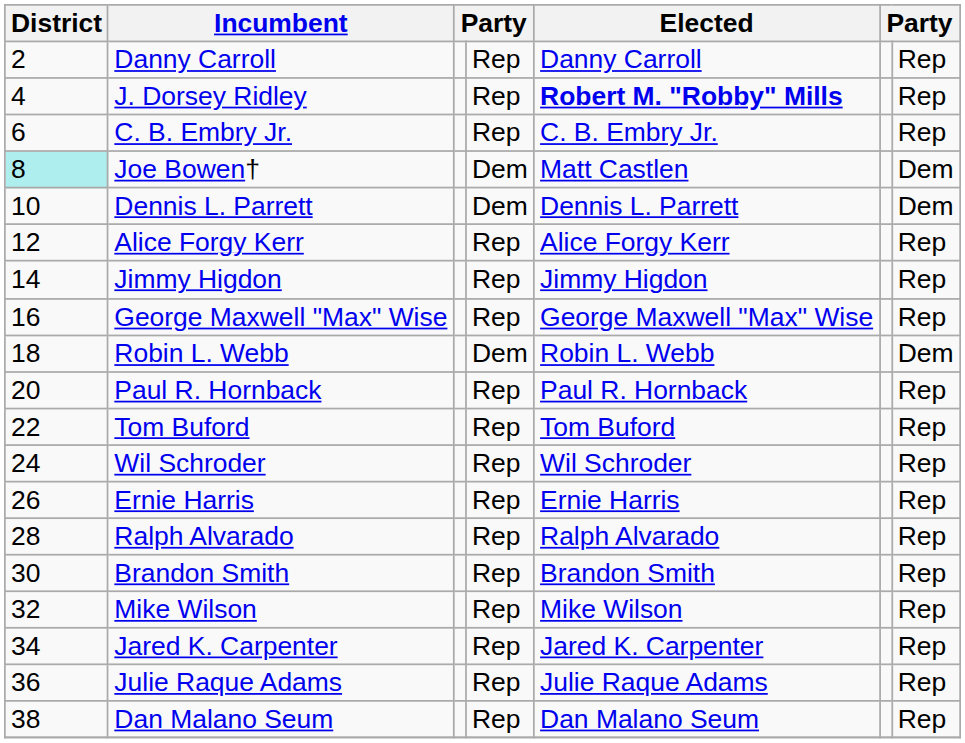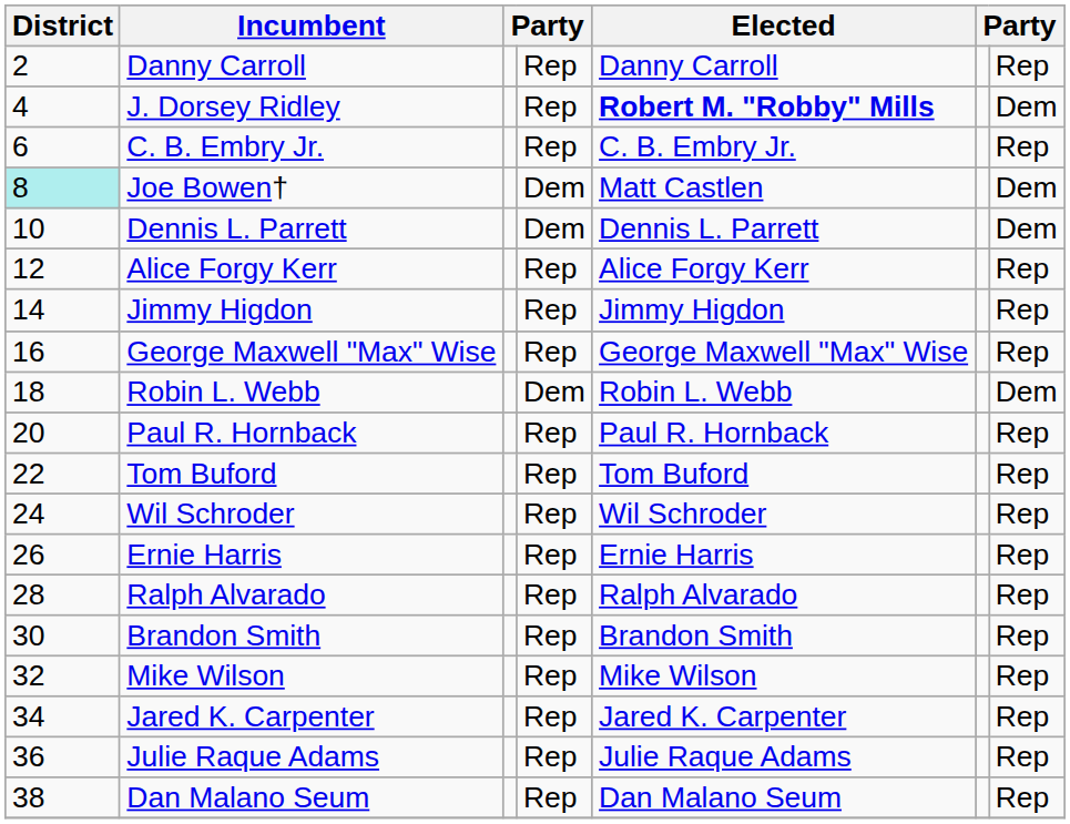 <table class="sortable wikitable" style="font-size:95%;line-height:14px;">
 <tr>
 <th class="unsortable">District</th>
 <th class="unsortable"><a href='#'>Incumbent</a></th>
 <th colspan="2">Party</th>
 <th class="unsortable">Elected</th>
 <th colspan="2">Party</th>
 </tr>
 <tr>
 <td>2</td>
 <td><a href='#'>Danny Carroll</a></td>
 <td style="background:"></td>
 <td>Rep</td>
 <td><a href='#'>Danny Carroll</a></td>
 <td style="background:"></td>
 <td>Rep</td>
 </tr>
 <tr>
 <td>4</td>
 <td><a href='#'>J. Dorsey Ridley</a></td>
 <td style="background:"></td>
 <td>Rep</td>
 <td><strong><a href='#'>Robert M. "Robby" Mills</a></strong></td>
 <td style="background:"></td>
-<td>Rep</td>
+<td>Dem</td>
 </tr>
 <tr>
 <td>6</td>
 <td><a href='#'>C. B. Embry Jr.</a></td>
 <td style="background:"></td>
 <td>Rep</td>
 <td><a href='#'>C. B. Embry Jr.</a></td>
 <td style="background:"></td>
 <td>Rep</td>
 </tr>
 <tr>
 <td style="background: paleturquoise;">8</td>
 <td><a href='#'>Joe Bowen</a>†</td>
 <td style="background:"></td>
 <td>Dem</td>
 <td><a href='#'>Matt Castlen</a></td>
 <td style="background:"></td>
 <td>Dem</td>
 </tr>
 <tr>
 <td>10</td>
 <td><a href='#'>Dennis L. Parrett</a></td>
 <td style="background:"></td>
 <td>Dem</td>
 <td><a href='#'>Dennis L. Parrett</a></td>
 <td style="background:"></td>
 <td>Dem</td>
 </tr>
 <tr>
 <td>12</td>
 <td><a href='#'>Alice Forgy Kerr</a></td>
 <td style="background:"></td>
 <td>Rep</td>
 <td><a href='#'>Alice Forgy Kerr</a></td>
 <td style="background:"></td>
 <td>Rep</td>
 </tr>
 <tr>
 <td>14</td>
 <td><a href='#'>Jimmy Higdon</a></td>
 <td style="background:"></td>
 <td>Rep</td>
 <td><a href='#'>Jimmy Higdon</a></td>
 <td style="background:"></td>
 <td>Rep</td>
 </tr>
 <tr>
 <td>16</td>
 <td><a href='#'>George Maxwell "Max" Wise</a></td>
 <td style="background:"></td>
 <td>Rep</td>
 <td><a href='#'>George Maxwell "Max" Wise</a></td>
 <td style="background:"></td>
 <td>Rep</td>
 </tr>
 <tr>
 <td>18</td>
 <td><a href='#'>Robin L. Webb</a></td>
 <td style="background:"></td>
 <td>Dem</td>
 <td><a href='#'>Robin L. Webb</a></td>
 <td style="background:"></td>
 <td>Dem</td>
 </tr>
 <tr>
 <td>20</td>
 <td><a href='#'>Paul R. Hornback</a></td>
 <td style="background:"></td>
 <td>Rep</td>
 <td><a href='#'>Paul R. Hornback</a></td>
 <td style="background:"></td>
 <td>Rep</td>
 </tr>
 <tr>
 <td>22</td>
 <td><a href='#'>Tom Buford</a></td>
 <td style="background:"></td>
 <td>Rep</td>
 <td><a href='#'>Tom Buford</a></td>
 <td style="background:"></td>
 <td>Rep</td>
 </tr>
 <tr>
 <td>24</td>
 <td><a href='#'>Wil Schroder</a></td>
 <td style="background:"></td>
 <td>Rep</td>
 <td><a href='#'>Wil Schroder</a></td>
 <td style="background:"></td>
 <td>Rep</td>
 </tr>
 <tr>
 <td>26</td>
 <td><a href='#'>Ernie Harris</a></td>
 <td style="background:"></td>
 <td>Rep</td>
 <td><a href='#'>Ernie Harris</a></td>
 <td style="background:"></td>
 <td>Rep</td>
 </tr>
 <tr>
 <td>28</td>
 <td><a href='#'>Ralph Alvarado</a></td>
 <td style="background:"></td>
 <td>Rep</td>
 <td><a href='#'>Ralph Alvarado</a></td>
 <td style="background:"></td>
 <td>Rep</td>
 </tr>
 <tr>
 <td>30</td>
 <td><a href='#'>Brandon Smith</a></td>
 <td style="background:"></td>
 <td>Rep</td>
 <td><a href='#'>Brandon Smith</a></td>
 <td style="background:"></td>
 <td>Rep</td>
 </tr>
 <tr>
 <td>32</td>
 <td><a href='#'>Mike Wilson</a></td>
 <td style="background:"></td>
 <td>Rep</td>
 <td><a href='#'>Mike Wilson</a></td>
 <td style="background:"></td>
 <td>Rep</td>
 </tr>
 <tr>
 <td>34</td>
 <td><a href='#'>Jared K. Carpenter</a></td>
 <td style="background:"></td>
 <td>Rep</td>
 <td><a href='#'>Jared K. Carpenter</a></td>
 <td style="background:"></td>
 <td>Rep</td>
 </tr>
 <tr>
 <td>36</td>
 <td><a href='#'>Julie Raque Adams</a></td>
 <td style="background:"></td>
 <td>Rep</td>
 <td><a href='#'>Julie Raque Adams</a></td>
 <td style="background:"></td>
 <td>Rep</td>
 </tr>
 <tr>
 <td>38</td>
 <td><a href='#'>Dan Malano Seum</a></td>
 <td style="background:"></td>
 <td>Rep</td>
 <td><a href='#'>Dan Malano Seum</a></td>
 <td style="background:"></td>
 <td>Rep</td>
 </tr>
 <tr>
 </tr>
 </table>
